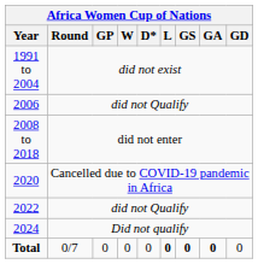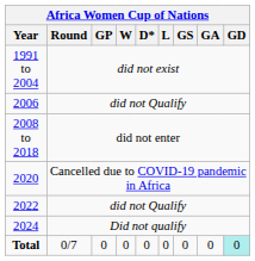 <table class="wikitable" style="text-align: center; width:50%;">
 <tr>
 <th colspan=10><a href='#'>Africa Women Cup of Nations</a></th>
 </tr>
 <tr>
 <th>Year</th>
 <th>Round</th>
 <th>GP</th>
 <th>W</th>
 <th>D*</th>
 <th>L</th>
 <th>GS</th>
 <th>GA</th>
 <th>GD</th>
 </tr>
 <tr>
 <td><a href='#'>1991</a> to  <a href='#'>2004</a></td>
 <td colspan=8><em>did not exist</em></td>
 </tr>
 <tr>
 <td> <a href='#'>2006</a></td>
 <td colspan=8><em>did not Qualify</em></td>
 </tr>
 <tr>
 <td> <a href='#'>2008</a> to  <a href='#'>2018</a></td>
 <td colspan=8>did not enter</td>
 </tr>
 <tr>
 <td><a href='#'>2020</a></td>
 <td colspan=8>Cancelled due to <a href='#'>COVID-19 pandemic in Africa</a></td>
 </tr>
 <tr>
 <td> <a href='#'>2022</a></td>
 <td colspan=8><em>did not Qualify</em></td>
 </tr>
 <tr>
 <td> <a href='#'>2024</a></td>
 <td colspan=8><em>Did not qualify</em></td>
 </tr>
 <tr>
 <td><strong>Total</strong></td>
 <td>0/7</td>
 <td>0</td>
 <td>0</td>
 <td>0</td>
-<td><strong>0</strong></td>
-<td><strong>0</strong></td>
-<td><strong>0</strong></td>
 <td>0</td>
+<td>0</td>
+<td>0</td>
+<td style="background: paleturquoise;">0</td>
 </tr>
 </table>
